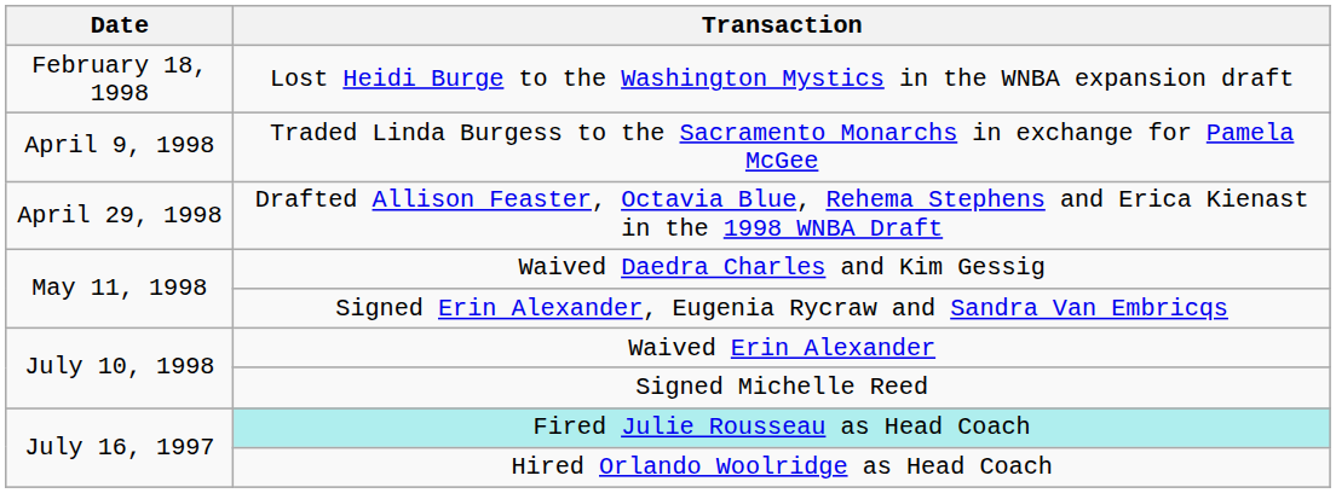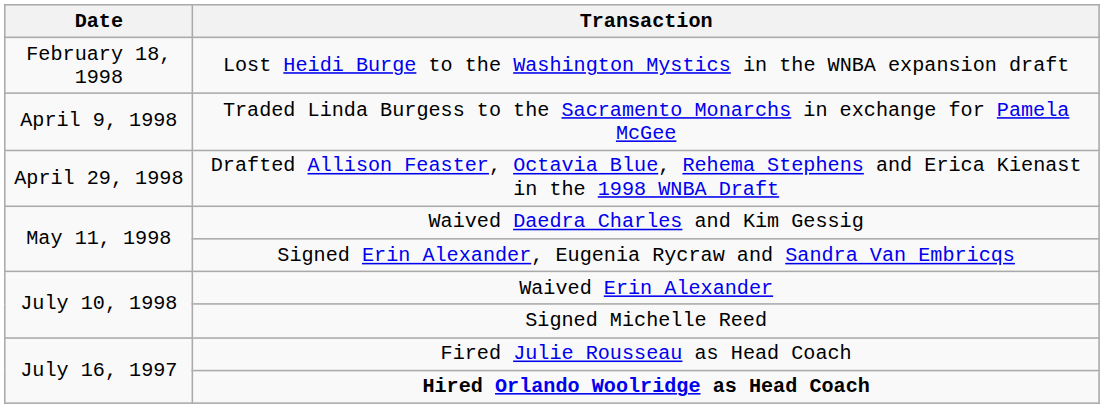 <table class="wikitable" style="width:80%; text-align: center;">
 <tr>
 <th>Date</th>
 <th>Transaction</th>
 </tr>
 <tr>
 <td>February 18, 1998</td>
 <td>Lost <a href='#'>Heidi Burge</a> to the <a href='#'>Washington Mystics</a> in the WNBA expansion draft</td>
 </tr>
 <tr>
 <td>April 9, 1998</td>
 <td>Traded Linda Burgess to the <a href='#'>Sacramento Monarchs</a> in exchange for <a href='#'>Pamela McGee</a></td>
 </tr>
 <tr>
 <td>April 29, 1998</td>
 <td>Drafted <a href='#'>Allison Feaster</a>, <a href='#'>Octavia Blue</a>, <a href='#'>Rehema Stephens</a> and Erica Kienast in the <a href='#'>1998 WNBA Draft</a></td>
 </tr>
 <tr>
 <td rowspan="2">May 11, 1998</td>
 <td>Waived <a href='#'>Daedra Charles</a> and Kim Gessig</td>
 </tr>
 <tr>
 <td>Signed <a href='#'>Erin Alexander</a>, Eugenia Rycraw and <a href='#'>Sandra Van Embricqs</a></td>
 </tr>
 <tr>
 <td rowspan="2">July 10, 1998</td>
 <td>Waived <a href='#'>Erin Alexander</a></td>
 </tr>
 <tr>
 <td>Signed Michelle Reed</td>
 </tr>
 <tr>
 <td rowspan="2">July 16, 1997</td>
-<td style="background: paleturquoise;">Fired <a href='#'>Julie Rousseau</a> as Head Coach</td>
+<td>Fired <a href='#'>Julie Rousseau</a> as Head Coach</td>
 </tr>
 <tr>
-<td>Hired <a href='#'>Orlando Woolridge</a> as Head Coach</td>
+<td><strong>Hired <a href='#'>Orlando Woolridge</a> as Head Coach</strong></td>
 </tr>
 </table>
